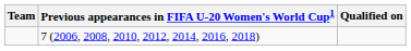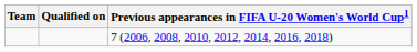 <table class="wikitable sortable">
 <tr>
 <th>Team</th>
+<th>Qualified on</th>
 <th data-sort-type="number">Previous appearances in <a href='#'>FIFA U-20 Women's World Cup</a><sup><strong><a href='#'>1</a></strong></sup></th>
-<th>Qualified on</th>
 </tr>
 <tr>
 <td></td>
+<td></td>
 <td>7 (<a href='#'>2006</a>, <a href='#'>2008</a>, <a href='#'>2010</a>, <a href='#'>2012</a>, <a href='#'>2014</a>, <a href='#'>2016</a>, <a href='#'>2018</a>)</td>
-<td></td>
 </tr>
 </table>
